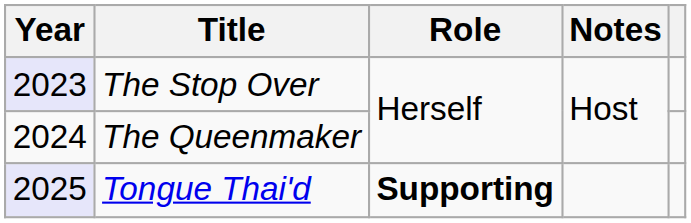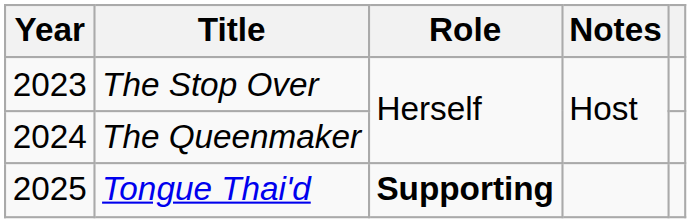 <table class="wikitable plainrowheaders" style="text-align:left;">
 <tr>
 <th>Year</th>
 <th>Title</th>
 <th>Role</th>
 <th>Notes</th>
 <th></th>
 </tr>
 <tr>
-<td style="background: lavender;">2023</td>
+<td>2023</td>
 <td><em>The Stop Over</em></td>
 <td rowspan="2">Herself</td>
 <td rowspan="2">Host</td>
 <td></td>
 </tr>
 <tr>
 <td>2024</td>
 <td><em>The Queenmaker</em></td>
 <td></td>
 </tr>
 <tr>
-<td style="background: lavender;">2025</td>
+<td>2025</td>
 <td><em><a href='#'>Tongue Thai'd</a></em></td>
 <td><strong>Supporting</strong></td>
 <td></td>
 <td></td>
 </tr>
 </table>
